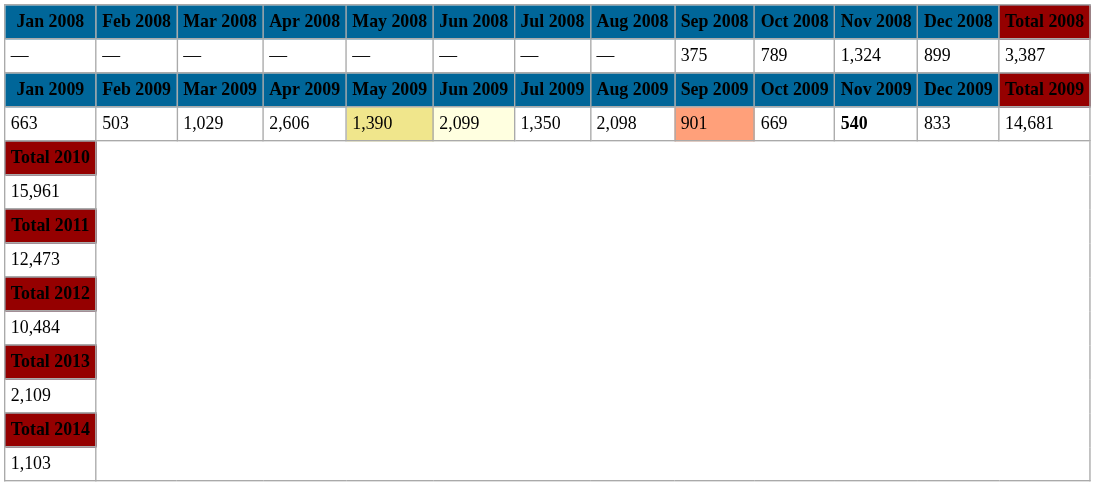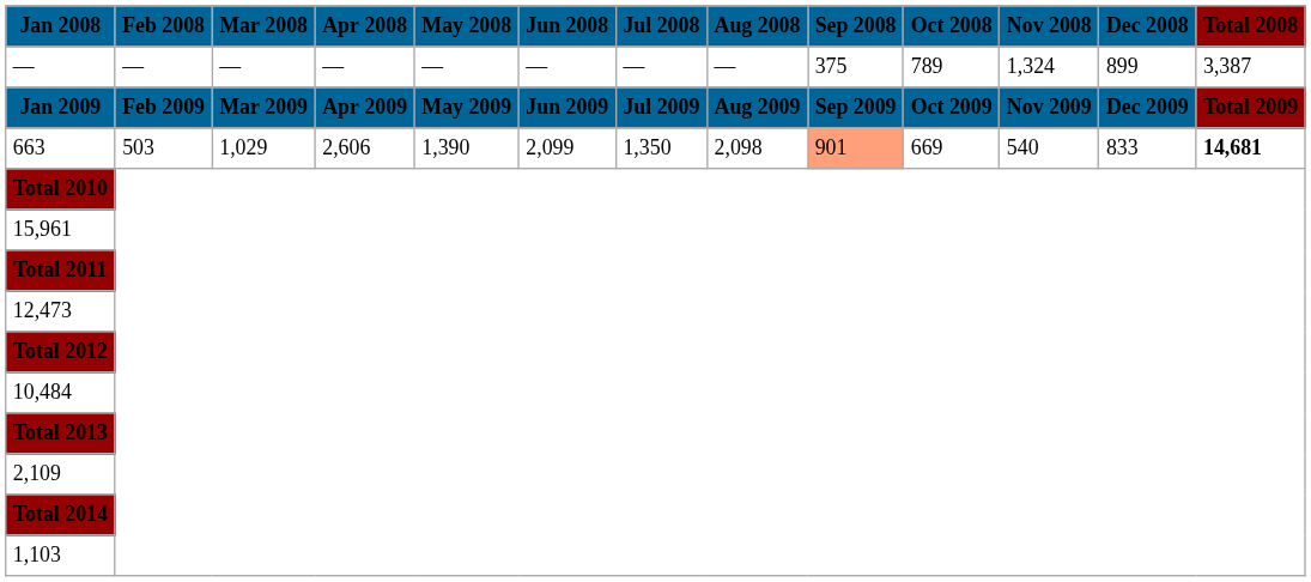 <table border="2" cellpadding="4" cellspacing="0" style="margin: 1em 1em 1em 0; border: 1px #aaa solid; border-collapse: collapse; font-size: 82%;">
 <tr ---- style="background:#006699;">
 <th><strong><span>Jan 2008</span></strong></th>
 <th><strong><span>Feb 2008</span></strong></th>
 <th><strong><span>Mar 2008</span></strong></th>
 <th><strong><span>Apr 2008</span></strong></th>
 <th><strong><span>May 2008</span></strong></th>
 <th><strong><span>Jun 2008</span></strong></th>
 <th><strong><span>Jul 2008</span></strong></th>
 <th><strong><span>Aug 2008</span></strong></th>
 <th><strong><span>Sep 2008</span></strong></th>
 <th><strong><span>Oct 2008</span></strong></th>
 <th><strong><span>Nov 2008</span></strong></th>
 <th><strong><span>Dec 2008</span></strong></th>
 <th ----- style="background:#950000;"><strong><span>Total 2008</span></strong></th>
 </tr>
 <tr>
 <td>—</td>
 <td>—</td>
 <td>—</td>
 <td>—</td>
 <td>—</td>
 <td>—</td>
 <td>—</td>
 <td>—</td>
 <td>375 </td>
 <td>789 </td>
 <td>1,324 </td>
 <td>899 </td>
 <td>3,387</td>
 </tr>
 <tr>
 </tr>
 <tr ---- style="background:#006699;">
 <th><strong><span>Jan 2009</span></strong></th>
 <th><strong><span>Feb 2009</span></strong></th>
 <th><strong><span>Mar 2009</span></strong></th>
 <th><strong><span>Apr 2009</span></strong></th>
 <th><strong><span>May 2009</span></strong></th>
 <th><strong><span>Jun 2009</span></strong></th>
 <th><strong><span>Jul 2009</span></strong></th>
 <th><strong><span>Aug 2009</span></strong></th>
 <th><strong><span>Sep 2009</span></strong></th>
 <th><strong><span>Oct 2009</span></strong></th>
 <th><strong><span>Nov 2009</span></strong></th>
 <th><strong><span>Dec 2009</span></strong></th>
 <th ----- style="background:#950000;"><strong><span>Total 2009</span></strong></th>
 </tr>
 <tr>
 <td>663 </td>
 <td>503 </td>
 <td>1,029 </td>
 <td>2,606 </td>
-<td style="background: khaki;">1,390 </td>
-<td style="background: lightyellow;">2,099 </td>
+<td>1,390 </td>
+<td>2,099 </td>
 <td>1,350 </td>
 <td>2,098 </td>
 <td style="background: lightsalmon;">901 </td>
 <td>669 </td>
-<td><strong>540 </strong></td>
+<td>540 </td>
 <td>833 </td>
-<td>14,681</td>
+<td><strong>14,681</strong></td>
 </tr>
 <tr>
 </tr>
 <tr ---- style="background:#006699;">
 <th ----- style="background:#950000;"><strong><span>Total 2010</span></strong></th>
 </tr>
 <tr>
 <td>15,961 </td>
 </tr>
 <tr>
 </tr>
 <tr ---- style="background:#006699;">
 <th ----- style="background:#950000;"><strong><span>Total 2011</span></strong></th>
 </tr>
 <tr>
 <td>12,473 </td>
 </tr>
 <tr>
 </tr>
 <tr ---- style="background:#006699;">
 <th ----- style="background:#950000;"><strong><span>Total 2012</span></strong></th>
 </tr>
 <tr>
 <td>10,484 </td>
 </tr>
 <tr>
 </tr>
 <tr ---- style="background:#006699;">
 <th ----- style="background:#950000;"><strong><span>Total 2013</span></strong></th>
 </tr>
 <tr>
 <td>2,109 </td>
 </tr>
 <tr>
 </tr>
 <tr ---- style="background:#006699;">
 <th ----- style="background:#950000;"><strong><span>Total 2014</span></strong></th>
 </tr>
 <tr>
 <td>1,103 </td>
 </tr>
 </table>
